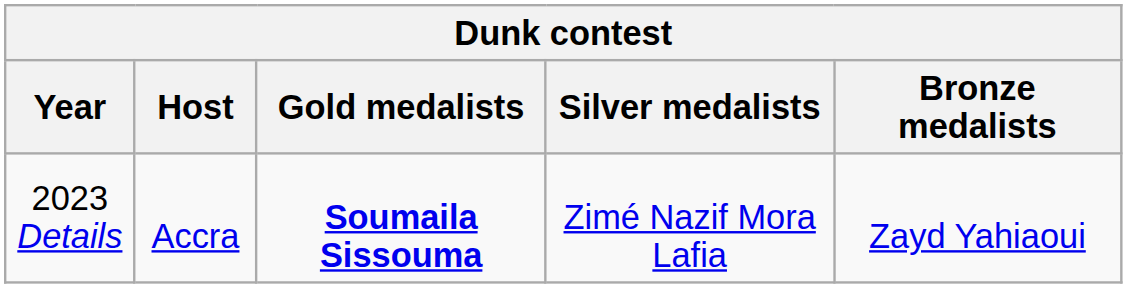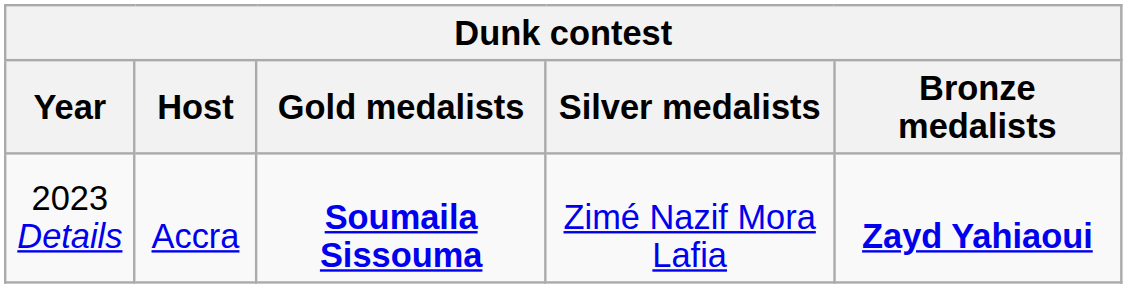 <table class="wikitable" style="font-size:90%; width: 75%; text-align: center;">
 <tr>
 <th colspan=5>Dunk contest</th>
 </tr>
 <tr>
 <th width=50>Year</th>
 <th width=50>Host</th>
 <th width=150> Gold medalists</th>
 <th width=150> Silver medalists</th>
 <th width=150> Bronze medalists</th>
 </tr>
 <tr>
 <td>2023<br><em><a href='#'>Details</a></em></td>
 <td><br><a href='#'>Accra</a></td>
 <td><strong><br><a href='#'>Soumaila Sissouma</a></strong></td>
 <td><br><a href='#'>Zimé Nazif Mora Lafia</a></td>
-<td><br><a href='#'>Zayd Yahiaoui</a></td>
+<td><strong><br><a href='#'>Zayd Yahiaoui</a></strong></td>
 </tr>
 </table>
